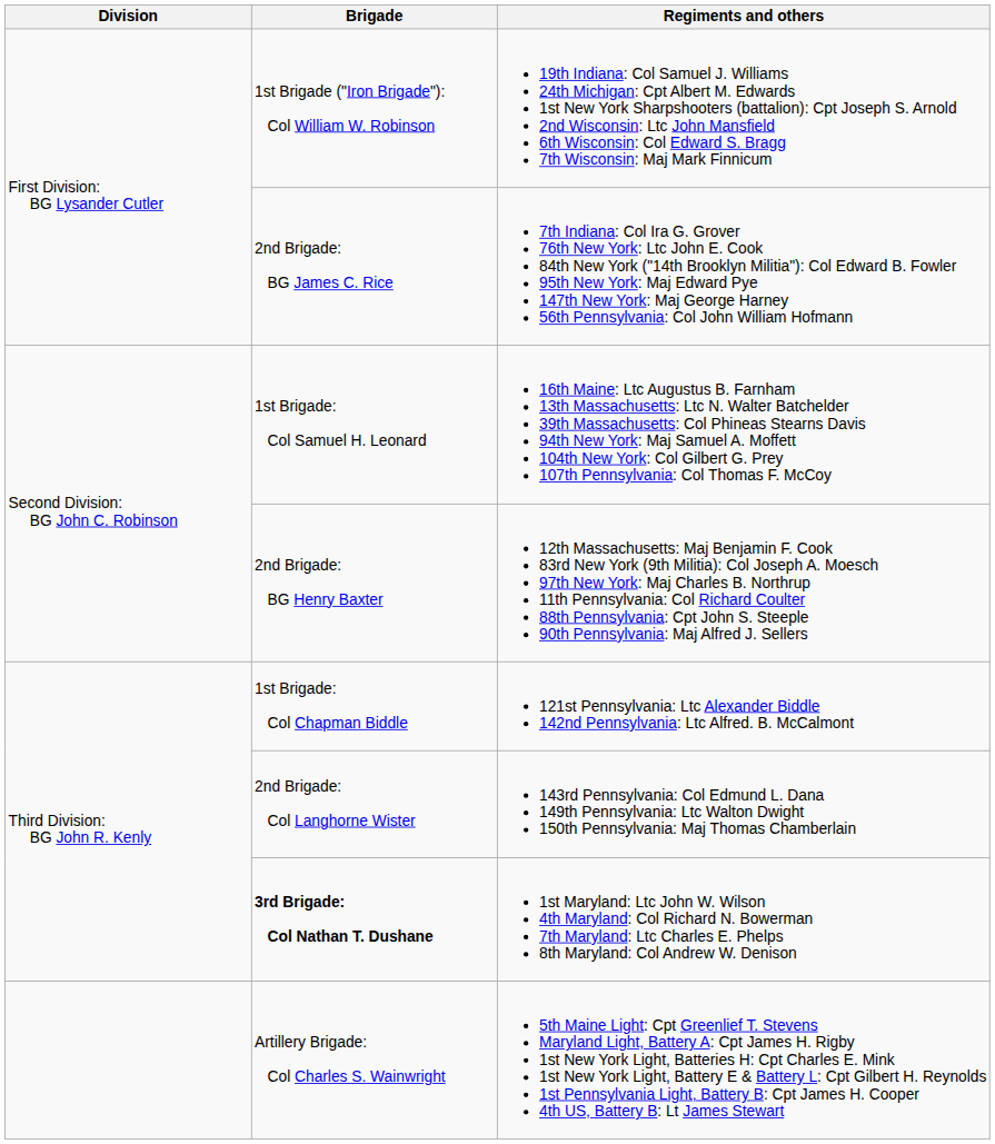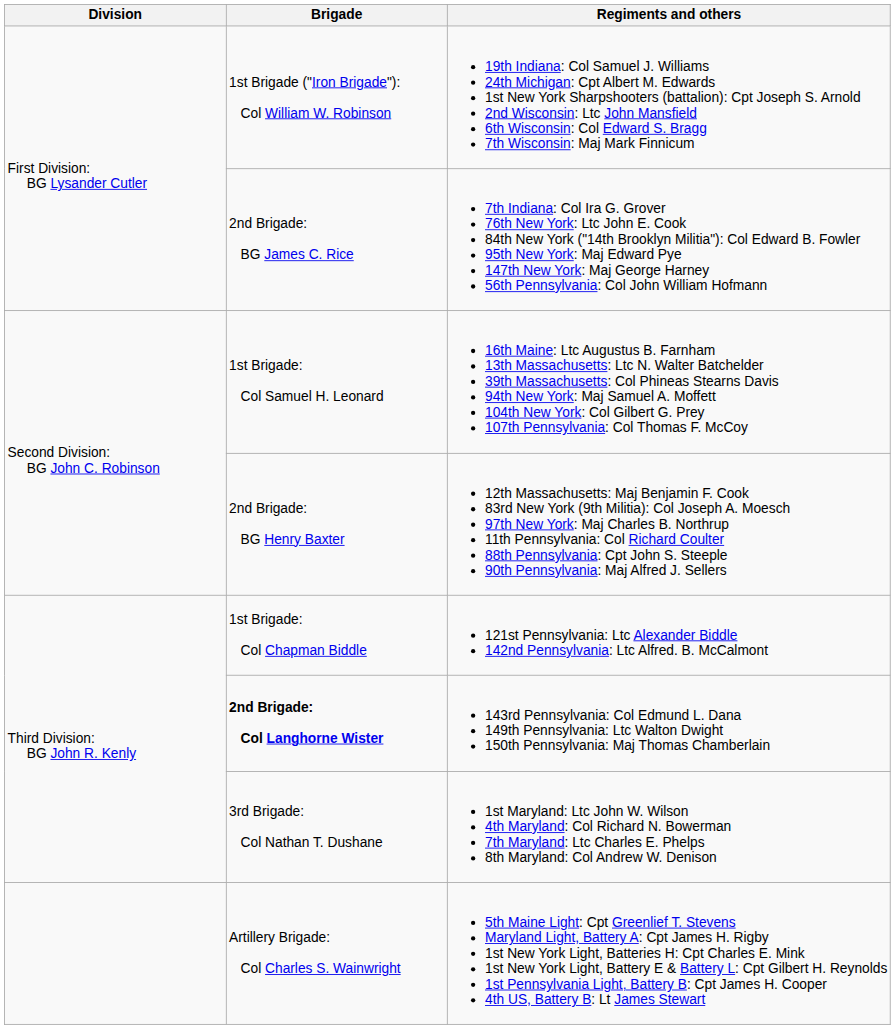 <table class="wikitable">
 <tr>
 <th width=25%>Division</th>
 <th width=25%>Brigade</th>
 <th>Regiments and others</th>
 </tr>
 <tr>
 <td rowspan=2><br>First Division: <br>     BG <a href='#'>Lysander Cutler</a></td>
 <td>1st Brigade ("<a href='#'>Iron Brigade</a>"):<br><br>   Col <a href='#'>William W. Robinson</a></td>
 <td><br><ul><li><a href='#'>19th Indiana</a>: Col Samuel J. Williams</li><li><a href='#'>24th Michigan</a>: Cpt Albert M. Edwards</li><li>1st New York Sharpshooters (battalion): Cpt Joseph S. Arnold</li><li><a href='#'>2nd Wisconsin</a>: Ltc <a href='#'>John Mansfield</a></li><li><a href='#'>6th Wisconsin</a>: Col <a href='#'>Edward S. Bragg</a></li><li><a href='#'>7th Wisconsin</a>: Maj Mark Finnicum</li></ul></td>
 </tr>
 <tr>
 <td>2nd Brigade:<br><br>   BG <a href='#'>James C. Rice</a></td>
 <td><br><ul><li><a href='#'>7th Indiana</a>: Col Ira G. Grover</li><li><a href='#'>76th New York</a>: Ltc John E. Cook</li><li>84th New York ("14th Brooklyn Militia"): Col Edward B. Fowler</li><li><a href='#'>95th New York</a>: Maj Edward Pye</li><li><a href='#'>147th New York</a>: Maj George Harney</li><li><a href='#'>56th Pennsylvania</a>: Col John William Hofmann</li></ul></td>
 </tr>
 <tr>
 <td rowspan=2><br>Second Division: <br>     BG <a href='#'>John C. Robinson</a></td>
 <td>1st Brigade:<br><br>   Col Samuel H. Leonard</td>
 <td><br><ul><li><a href='#'>16th Maine</a>: Ltc Augustus B. Farnham</li><li><a href='#'>13th Massachusetts</a>: Ltc N. Walter Batchelder</li><li><a href='#'>39th Massachusetts</a>: Col Phineas Stearns Davis</li><li><a href='#'>94th New York</a>: Maj Samuel A. Moffett</li><li><a href='#'>104th New York</a>: Col Gilbert G. Prey</li><li><a href='#'>107th Pennsylvania</a>: Col Thomas F. McCoy</li></ul></td>
 </tr>
 <tr>
 <td>2nd Brigade:<br><br>   BG <a href='#'>Henry Baxter</a></td>
 <td><br><ul><li>12th Massachusetts: Maj Benjamin F. Cook</li><li>83rd New York (9th Militia): Col Joseph A. Moesch</li><li><a href='#'>97th New York</a>: Maj Charles B. Northrup</li><li>11th Pennsylvania: Col <a href='#'>Richard Coulter</a></li><li><a href='#'>88th Pennsylvania</a>: Cpt John S. Steeple</li><li><a href='#'>90th Pennsylvania</a>: Maj Alfred J. Sellers</li></ul></td>
 </tr>
 <tr>
 <td rowspan=3><br>Third Division: <br>     BG <a href='#'>John R. Kenly</a></td>
 <td>1st Brigade:<br><br>   Col <a href='#'>Chapman Biddle</a></td>
 <td><br><ul><li>121st Pennsylvania: Ltc <a href='#'>Alexander Biddle</a></li><li><a href='#'>142nd Pennsylvania</a>: Ltc Alfred. B. McCalmont</li></ul></td>
 </tr>
 <tr>
-<td>2nd Brigade:<br><br>   Col <a href='#'>Langhorne Wister</a></td>
+<td><strong>2nd Brigade:<br><br>   Col <a href='#'>Langhorne Wister</a></strong></td>
 <td><br><ul><li>143rd Pennsylvania: Col Edmund L. Dana</li><li>149th Pennsylvania: Ltc Walton Dwight</li><li>150th Pennsylvania: Maj Thomas Chamberlain</li></ul></td>
 </tr>
 <tr>
-<td><strong>3rd Brigade:<br><br>   Col Nathan T. Dushane</strong></td>
+<td>3rd Brigade:<br><br>   Col Nathan T. Dushane</td>
 <td><br><ul><li>1st Maryland: Ltc John W. Wilson</li><li><a href='#'>4th Maryland</a>: Col Richard N. Bowerman</li><li><a href='#'>7th Maryland</a>: Ltc Charles E. Phelps</li><li>8th Maryland: Col Andrew W. Denison</li></ul></td>
 </tr>
 <tr>
 <td></td>
 <td>Artillery Brigade:<br><br>   Col <a href='#'>Charles S. Wainwright</a></td>
 <td><br><ul><li><a href='#'>5th Maine Light</a>: Cpt <a href='#'>Greenlief T. Stevens</a></li><li><a href='#'>Maryland Light, Battery A</a>: Cpt James H. Rigby</li><li>1st New York Light, Batteries H: Cpt Charles E. Mink</li><li>1st New York Light, Battery E & <a href='#'>Battery L</a>: Cpt Gilbert H. Reynolds</li><li><a href='#'>1st Pennsylvania Light, Battery B</a>: Cpt James H. Cooper</li><li><a href='#'>4th US, Battery B</a>: Lt <a href='#'>James Stewart</a></li></ul></td>
 </tr>
 </table>
